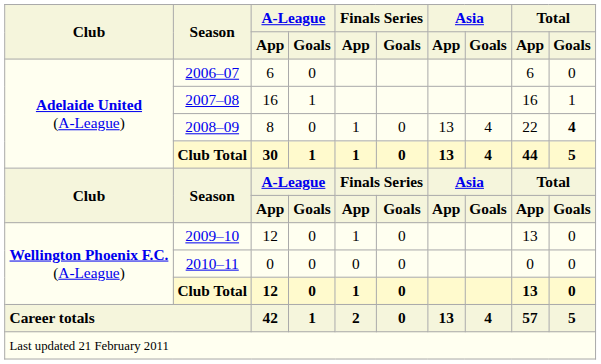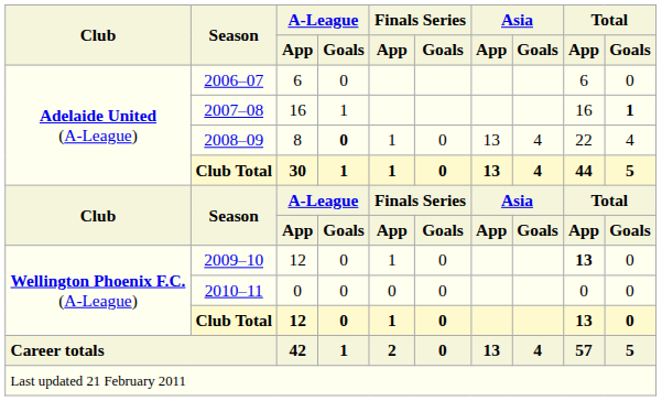 <table border="1" cellpadding="4" cellspacing="2" style="margin:auto; background:ivory; font-size:95%; border:1px #aaa solid; border-collapse:collapse; clear:center;">
 <tr style="background:beige">
 <th rowspan="2">Club</th>
 <th rowspan="2">Season</th>
 <th colspan="2"><a href='#'>A-League</a></th>
 <th colspan="2">Finals Series</th>
 <th colspan="2"><a href='#'>Asia</a></th>
 <th colspan="2">Total</th>
 </tr>
 <tr style="background:beige">
 <th>App</th>
 <th>Goals</th>
 <th>App</th>
 <th>Goals</th>
 <th>App</th>
 <th>Goals</th>
 <th>App</th>
 <th>Goals</th>
 </tr>
 <tr>
 <td rowspan="4" style="text-align:center;"><strong><a href='#'>Adelaide United</a></strong><br>(<a href='#'>A-League</a>)</td>
 <td style="text-align:center;"><a href='#'>2006–07</a></td>
 <td style="text-align:center;">6</td>
 <td style="text-align:center;">0</td>
 <td style="text-align:center;"></td>
 <td style="text-align:center;"></td>
 <td style="text-align:center;"></td>
 <td style="text-align:center;"></td>
 <td style="text-align:center;">6</td>
 <td style="text-align:center;">0</td>
 </tr>
 <tr>
 <td style="text-align:center;"><a href='#'>2007–08</a></td>
 <td style="text-align:center;">16</td>
 <td style="text-align:center;">1</td>
 <td style="text-align:center;"></td>
 <td style="text-align:center;"></td>
 <td style="text-align:center;"></td>
 <td style="text-align:center;"></td>
 <td style="text-align:center;">16</td>
-<td style="text-align:center;">1</td>
+<td style="text-align:center;"><strong>1</strong></td>
 </tr>
 <tr>
 <td style="text-align:center;"><a href='#'>2008–09</a></td>
 <td style="text-align:center;">8</td>
-<td style="text-align:center;">0</td>
+<td style="text-align:center;"><strong>0</strong></td>
 <td style="text-align:center;">1</td>
 <td style="text-align:center;">0</td>
 <td style="text-align:center;">13</td>
 <td style="text-align:center;">4</td>
 <td style="text-align:center;">22</td>
-<td style="text-align:center;"><strong>4</strong></td>
+<td style="text-align:center;">4</td>
 </tr>
 <tr style="background:lemonchiffon">
 <th style="text-align:left;">Club Total</th>
 <th>30</th>
 <th>1</th>
 <th>1</th>
 <th>0</th>
 <th>13</th>
 <th>4</th>
 <th>44</th>
 <th>5</th>
 </tr>
 <tr style="background:beige">
 <th rowspan="2">Club</th>
 <th rowspan="2">Season</th>
 <th colspan="2"><a href='#'>A-League</a></th>
 <th colspan="2">Finals Series</th>
 <th colspan="2"><a href='#'>Asia</a></th>
 <th colspan="2">Total</th>
 </tr>
 <tr style="background:beige">
 <th>App</th>
 <th>Goals</th>
 <th>App</th>
 <th>Goals</th>
 <th>App</th>
 <th>Goals</th>
 <th>App</th>
 <th>Goals</th>
 </tr>
 <tr>
 <td rowspan="3" style="text-align:center;"><strong><a href='#'>Wellington Phoenix F.C.</a></strong><br>(<a href='#'>A-League</a>)</td>
 <td style="text-align:center;"><a href='#'>2009–10</a></td>
 <td style="text-align:center;">12</td>
 <td style="text-align:center;">0</td>
 <td style="text-align:center;">1</td>
 <td style="text-align:center;">0</td>
 <td style="text-align:center;"></td>
 <td style="text-align:center;"></td>
-<td style="text-align:center;">13</td>
+<td style="text-align:center;"><strong>13</strong></td>
 <td style="text-align:center;">0</td>
 </tr>
 <tr>
 <td style="text-align:center;"><a href='#'>2010–11</a></td>
 <td style="text-align:center;">0</td>
 <td style="text-align:center;">0</td>
 <td style="text-align:center;">0</td>
 <td style="text-align:center;">0</td>
 <td style="text-align:center;"></td>
 <td style="text-align:center;"></td>
 <td style="text-align:center;">0</td>
 <td style="text-align:center;">0</td>
 </tr>
 <tr style="background:lemonchiffon">
 <th style="text-align:left;">Club Total</th>
 <th>12</th>
 <th>0</th>
 <th>1</th>
 <th>0</th>
 <th></th>
 <th></th>
 <th>13</th>
 <th>0</th>
 </tr>
 <tr>
 <th colspan="2" style="background:beige; text-align:left;">Career totals</th>
 <th style="text-align:center; background:beige;">42</th>
 <th style="text-align:center; background:beige;">1</th>
 <th style="text-align:center; background:beige;">2</th>
 <th style="text-align:center; background:beige;">0</th>
 <th style="text-align:center; background:beige;">13</th>
 <th style="text-align:center; background:beige;">4</th>
 <th style="text-align:center; background:beige;">57</th>
 <th style="text-align:center; background:beige;">5</th>
 </tr>
 <tr>
 <td colspan="12"><small>Last updated 21 February 2011</small></td>
 </tr>
 </table>
